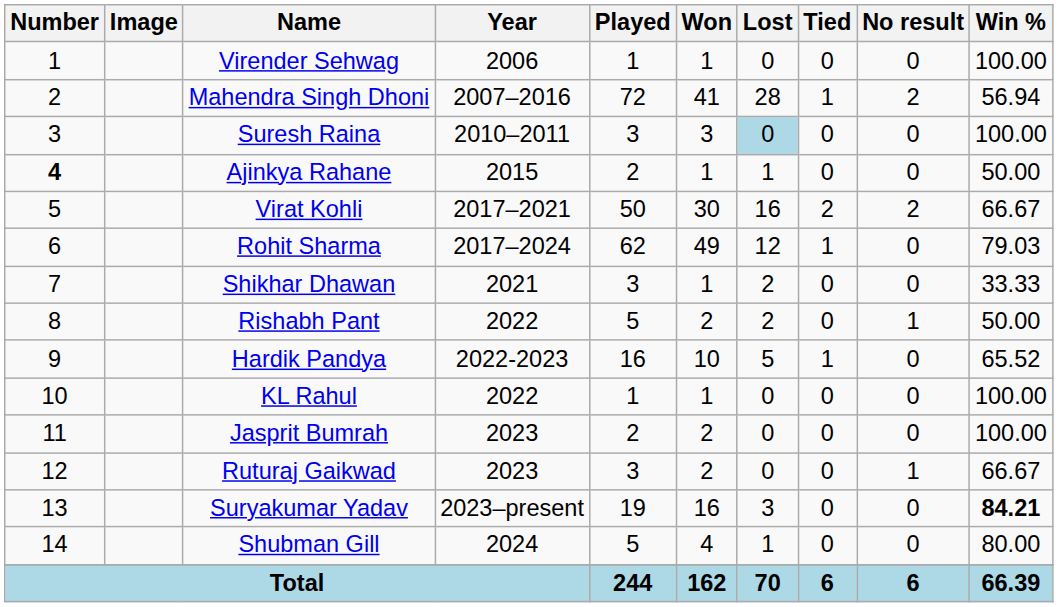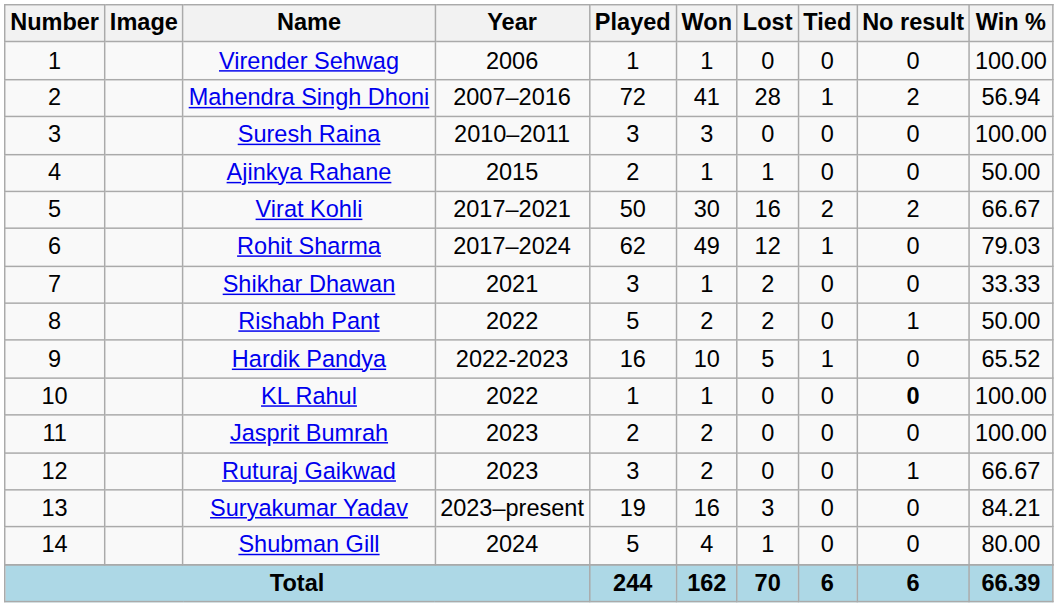 <table class="sortable wikitable"style="text-align:center;"style="font-size: 90%">
 <tr>
 <th>Number</th>
 <th>Image</th>
 <th>Name</th>
 <th>Year</th>
 <th>Played</th>
 <th>Won</th>
 <th>Lost</th>
 <th>Tied</th>
 <th>No result</th>
 <th>Win %</th>
 </tr>
 <tr>
 <td>1</td>
 <td></td>
 <td><a href='#'>Virender Sehwag</a></td>
 <td>2006</td>
 <td>1</td>
 <td>1</td>
 <td>0</td>
 <td>0</td>
 <td>0</td>
 <td>100.00</td>
 </tr>
 <tr>
 <td>2</td>
 <td></td>
 <td><a href='#'>Mahendra Singh Dhoni</a></td>
 <td>2007–2016</td>
 <td>72</td>
 <td>41</td>
 <td>28</td>
 <td>1</td>
 <td>2</td>
 <td>56.94</td>
 </tr>
 <tr>
 <td>3</td>
 <td></td>
 <td><a href='#'>Suresh Raina</a></td>
 <td>2010–2011</td>
 <td>3</td>
 <td>3</td>
-<td style="background: lightblue;">0</td>
+<td>0</td>
 <td>0</td>
 <td>0</td>
 <td>100.00</td>
 </tr>
 <tr>
-<td><strong>4</strong></td>
+<td>4</td>
 <td></td>
 <td><a href='#'>Ajinkya Rahane</a></td>
 <td>2015</td>
 <td>2</td>
 <td>1</td>
 <td>1</td>
 <td>0</td>
 <td>0</td>
 <td>50.00</td>
 </tr>
 <tr>
 <td>5</td>
 <td></td>
 <td><a href='#'>Virat Kohli</a></td>
 <td>2017–2021</td>
 <td>50</td>
 <td>30</td>
 <td>16</td>
 <td>2</td>
 <td>2</td>
 <td>66.67</td>
 </tr>
 <tr>
 <td>6</td>
 <td></td>
 <td><a href='#'>Rohit Sharma</a></td>
 <td>2017–2024</td>
 <td>62</td>
 <td>49</td>
 <td>12</td>
 <td>1</td>
 <td>0</td>
 <td>79.03</td>
 </tr>
 <tr>
 <td>7</td>
 <td></td>
 <td><a href='#'>Shikhar Dhawan</a></td>
 <td>2021</td>
 <td>3</td>
 <td>1</td>
 <td>2</td>
 <td>0</td>
 <td>0</td>
 <td>33.33</td>
 </tr>
 <tr>
 <td>8</td>
 <td></td>
 <td><a href='#'>Rishabh Pant</a></td>
 <td>2022</td>
 <td>5</td>
 <td>2</td>
 <td>2</td>
 <td>0</td>
 <td>1</td>
 <td>50.00</td>
 </tr>
 <tr>
 <td>9</td>
 <td></td>
 <td><a href='#'>Hardik Pandya</a></td>
 <td>2022-2023</td>
 <td>16</td>
 <td>10</td>
 <td>5</td>
 <td>1</td>
 <td>0</td>
 <td>65.52</td>
 </tr>
 <tr>
 <td>10</td>
 <td></td>
 <td><a href='#'>KL Rahul</a></td>
 <td>2022</td>
 <td>1</td>
 <td>1</td>
 <td>0</td>
 <td>0</td>
-<td>0</td>
+<td><strong>0</strong></td>
 <td>100.00</td>
 </tr>
 <tr>
 <td>11</td>
 <td></td>
 <td><a href='#'>Jasprit Bumrah</a></td>
 <td>2023</td>
 <td>2</td>
 <td>2</td>
 <td>0</td>
 <td>0</td>
 <td>0</td>
 <td>100.00</td>
 </tr>
 <tr>
 <td>12</td>
 <td></td>
 <td><a href='#'>Ruturaj Gaikwad</a></td>
 <td>2023</td>
 <td>3</td>
 <td>2</td>
 <td>0</td>
 <td>0</td>
 <td>1</td>
 <td>66.67</td>
 </tr>
 <tr>
 <td>13</td>
 <td></td>
 <td><a href='#'>Suryakumar Yadav</a></td>
 <td>2023–present</td>
 <td>19</td>
 <td>16</td>
 <td>3</td>
 <td>0</td>
 <td>0</td>
-<td><strong>84.21</strong></td>
+<td>84.21</td>
 </tr>
 <tr>
 <td>14</td>
 <td></td>
 <td><a href='#'>Shubman Gill</a></td>
 <td>2024</td>
 <td>5</td>
 <td>4</td>
 <td>1</td>
 <td>0</td>
 <td>0</td>
 <td>80.00</td>
 </tr>
 <tr>
 </tr>
 <tr bgcolor="lightblue">
 <td colspan="4"><strong>Total</strong></td>
 <td><strong>244</strong></td>
 <td><strong>162</strong></td>
 <td><strong>70</strong></td>
 <td><strong>6</strong></td>
 <td><strong>6</strong></td>
 <td><strong>66.39</strong></td>
 </tr>
 </table>
